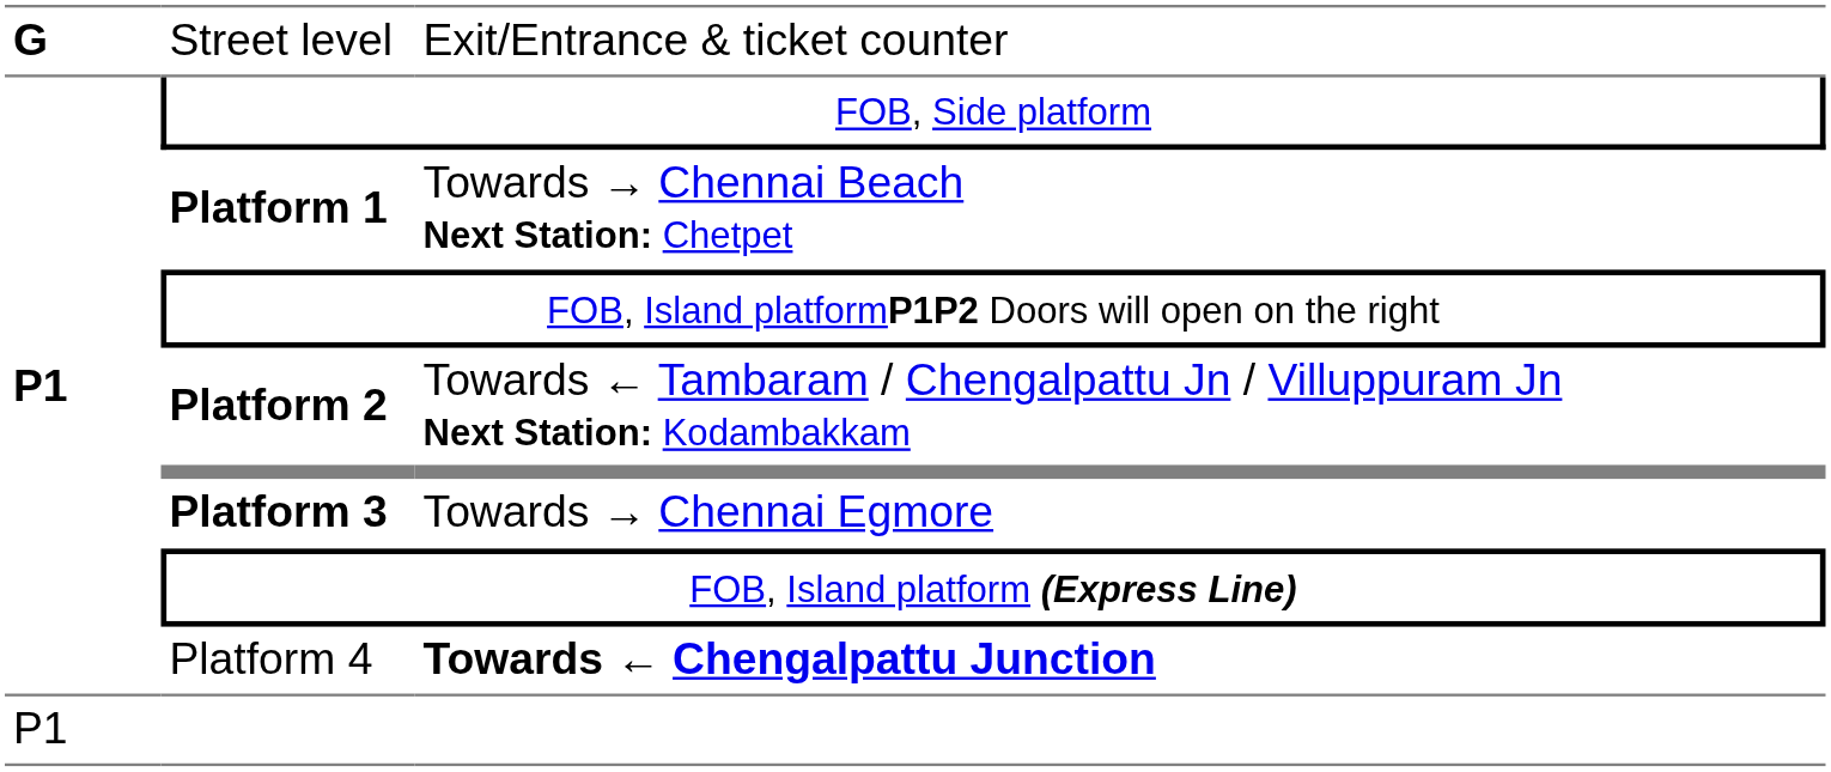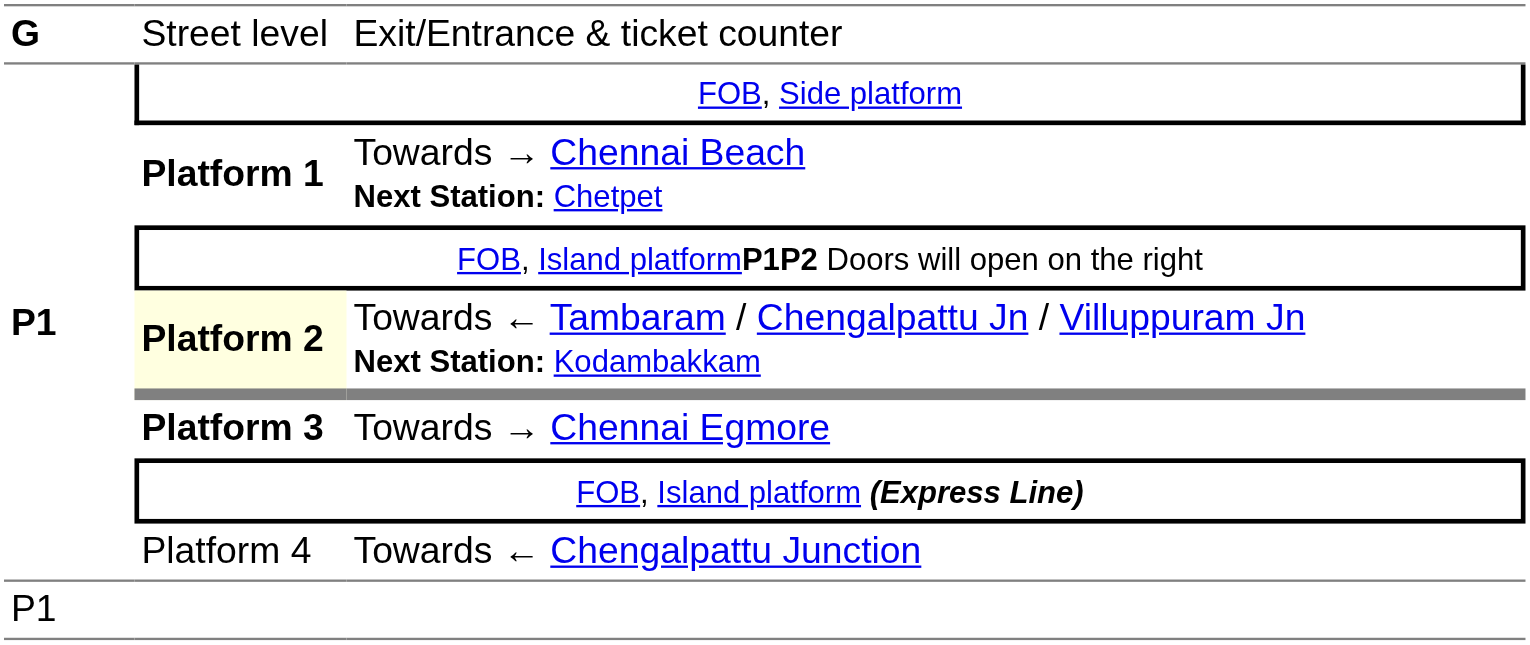 <table cellpadding="3" cellspacing="0" border="0">
 <tr>
 <td valign="top" width="30" style="border-top:solid 1px gray;border-bottom:solid 1px gray;"><strong>G</strong></td>
 <td valign="top" width="85" style="border-top:solid 1px gray;border-bottom:solid 1px gray;">Street level</td>
 <td valign="top" width="500" style="border-top:solid 1px gray;border-bottom:solid 1px gray;">Exit/Entrance & ticket counter</td>
 </tr>
 <tr>
 <td rowspan="7" style="border-bottom:solid 1px gray;" width="30" valign="center"><strong>P1</strong></td>
 <td colspan="2" style="border-right:solid 2px black;border-left:solid 2px black;border-bottom:solid 2px black;text-align:center;"><a href='#'><small>FOB</small></a><small>, <a href='#'>Side platform</a></small></td>
 </tr>
 <tr>
 <td width="85" style="border-bottom:solid 1px white;"><span><strong>Platform 1</strong></span></td>
 <td width="500" style="border-bottom:solid 1px white;">Towards → <a href='#'>Chennai Beach</a><br><small><strong>Next Station:</strong> <a href='#'>Chetpet</a></small></td>
 </tr>
 <tr>
 <td colspan="2" style="border-top:solid 2px black;border-right:solid 2px black;border-left:solid 2px black;border-bottom:solid 2px black;text-align:center;"><a href='#'><small>FOB</small></a><small>, <a href='#'>Island platform</a><strong>P1</strong><strong>P2</strong> Doors will open on the right</small></td>
 </tr>
 <tr>
-<td width="85" style="border-bottom:solid 5px gray;"><span><strong>Platform 2</strong></span></td>
+<td width="85" style="background: lightyellow; border-bottom:solid 5px gray;"><span><strong>Platform 2</strong></span></td>
 <td width="500" style="border-bottom:solid 5px gray;">Towards ← <a href='#'>Tambaram</a> / <a href='#'>Chengalpattu Jn</a> / <a href='#'>Villuppuram Jn</a><br><small><strong>Next Station:</strong> <a href='#'>Kodambakkam</a></small></td>
 </tr>
 <tr>
 <td width="85" style="border-bottom:solid 1px white;"><span><strong>Platform 3</strong></span></td>
 <td style="border-bottom:solid 1px white;" width="500">Towards → <a href='#'>Chennai Egmore</a></td>
 </tr>
 <tr>
 <td colspan="2" style="border-top:solid 2px black;border-right:solid 2px black;border-left:solid 2px black;border-bottom:solid 2px black;text-align:center;"><a href='#'><small>FOB</small></a><small>, <a href='#'>Island platform</a> <strong></strong> <strong><em>(Express Line)<strong><em></small></td>
 </tr>
 <tr>
 <td width="85" style="border-bottom:solid 1px gray;"><span></strong>Platform 4<strong></span></td>
-<td style="border-bottom:solid 1px gray;" width="500"><strong>Towards ← <a href='#'>Chengalpattu Junction</a></strong></td>
+<td style="border-bottom:solid 1px gray;" width="500">Towards ← <a href='#'>Chengalpattu Junction</a></td>
 </tr>
 <tr>
 <td style="border-bottom:solid 1px gray;" width="50" valign="top"></strong>P1<strong></td>
 <td style="border-bottom:solid 1px gray;" width="50" valign="top"></td>
 <td style="border-bottom:solid 1px gray;" width="50" valign="top"></td>
 </tr>
 <tr>
 </tr>
 </table>
